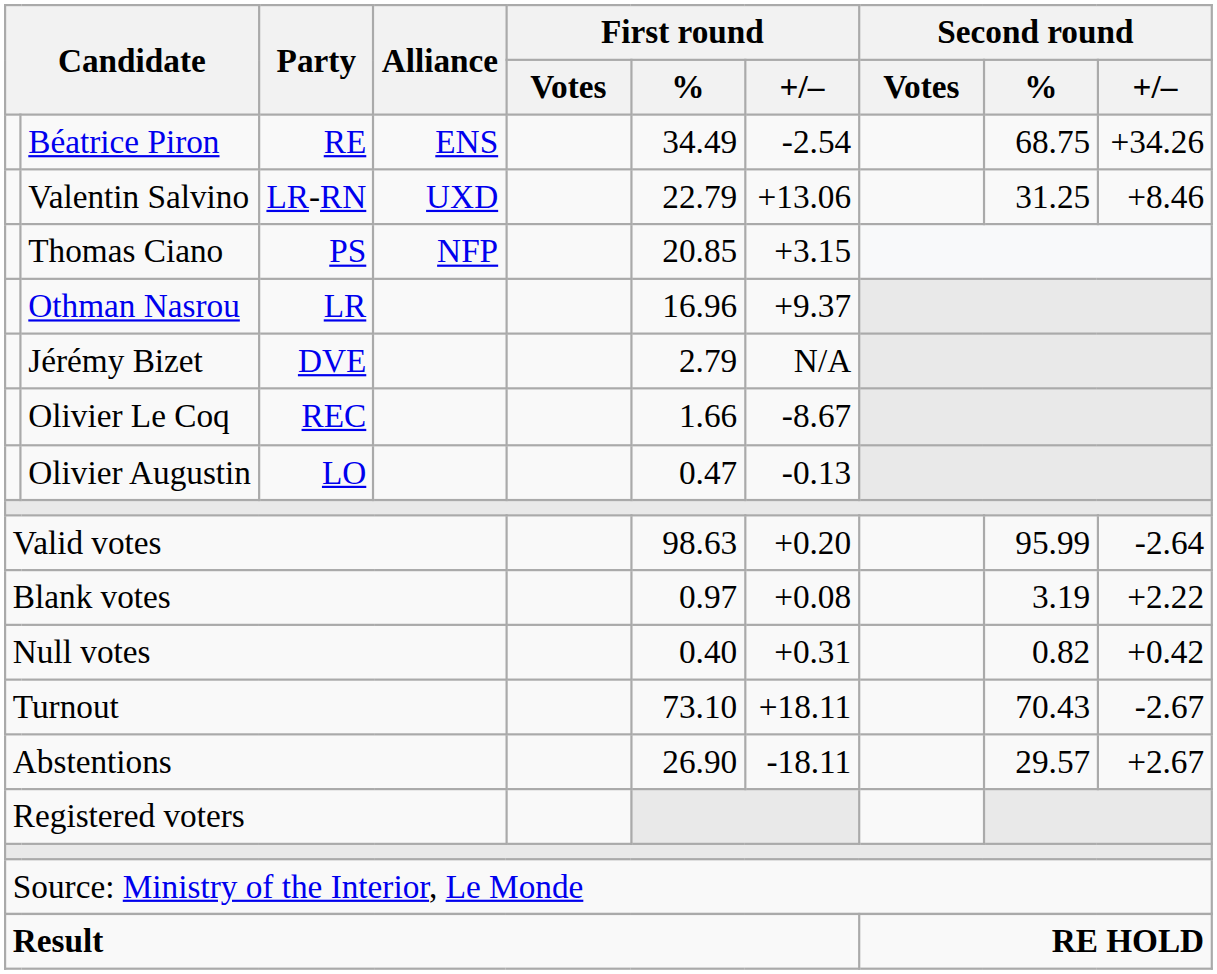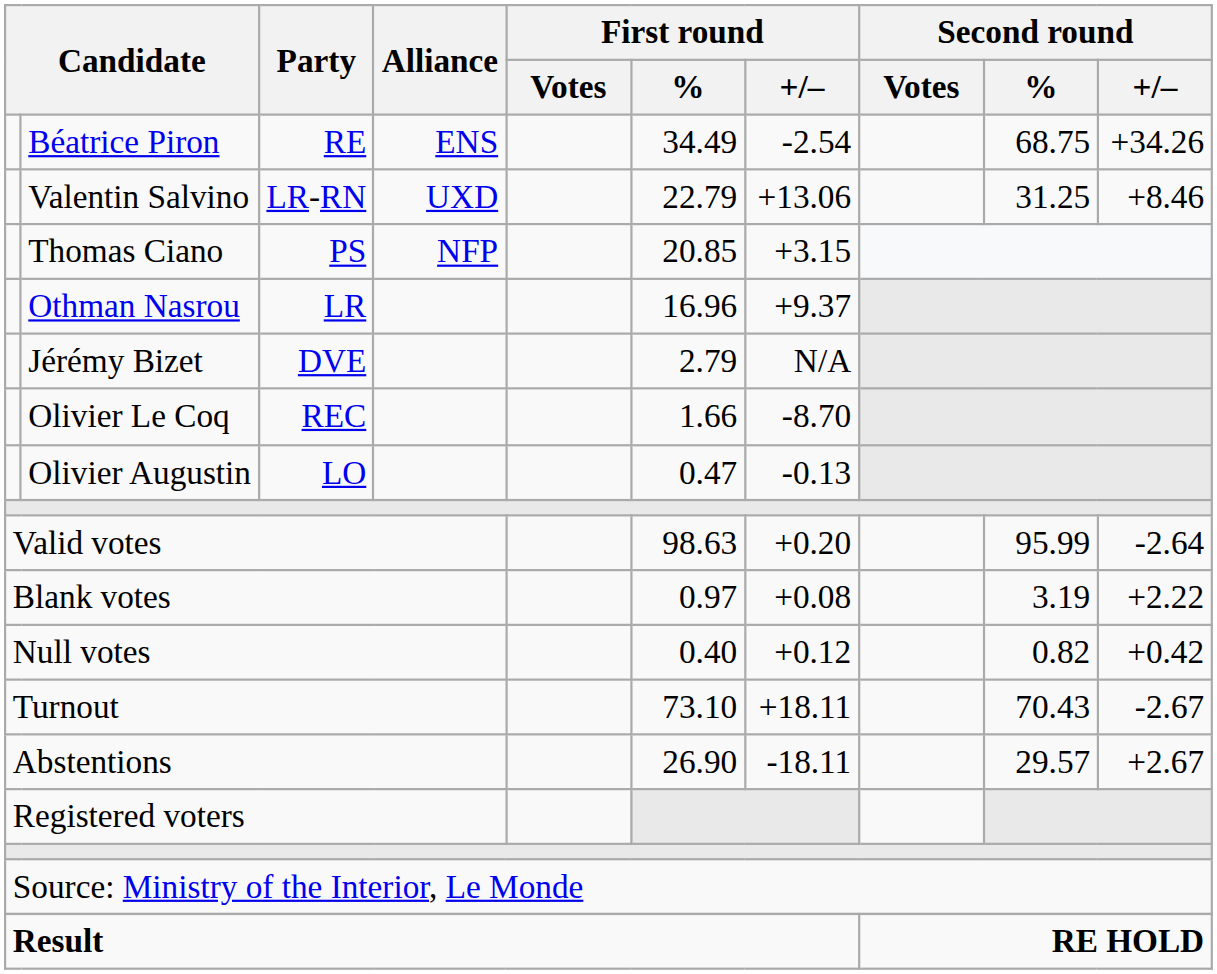 <table class="wikitable" style="text-align:right;font-size:95%;">
 <tr>
 <th rowspan="2" colspan="2">Candidate</th>
 <th rowspan="2">Party</th>
 <th rowspan="2">Alliance</th>
 <th colspan="3">First round</th>
 <th colspan="3">Second round</th>
 </tr>
 <tr>
 <th style="width:50px;">Votes</th>
 <th style="width:45px;">%</th>
 <th style="width:45px;">+/–</th>
 <th style="width:50px;">Votes</th>
 <th style="width:45px;">%</th>
 <th style="width:45px;">+/–</th>
 </tr>
 <tr>
 <td style="color:inherit;background:"></td>
 <td style="text-align:left;"><a href='#'>Béatrice Piron</a></td>
 <td><a href='#'>RE</a></td>
 <td><a href='#'>ENS</a></td>
 <td></td>
 <td>34.49</td>
 <td>-2.54</td>
 <td></td>
 <td>68.75</td>
 <td>+34.26</td>
 </tr>
 <tr>
 <td style="color:inherit;background:"></td>
 <td style="text-align:left;">Valentin Salvino</td>
 <td><a href='#'>LR</a>-<a href='#'>RN</a></td>
 <td><a href='#'>UXD</a></td>
 <td></td>
 <td>22.79</td>
 <td>+13.06</td>
 <td></td>
 <td>31.25</td>
 <td>+8.46</td>
 </tr>
 <tr>
 <td style="color:inherit;background:"></td>
 <td style="text-align:left;">Thomas Ciano</td>
 <td><a href='#'>PS</a></td>
 <td><a href='#'>NFP</a></td>
 <td></td>
 <td>20.85</td>
 <td>+3.15</td>
 <td colspan="3" style="background:#F8F9FA;"></td>
 </tr>
 <tr>
 <td style="color:inherit;background:"></td>
 <td style="text-align:left;"><a href='#'>Othman Nasrou</a></td>
 <td><a href='#'>LR</a></td>
 <td></td>
 <td></td>
 <td>16.96</td>
 <td>+9.37</td>
 <td colspan="3" style="background:#E9E9E9;"></td>
 </tr>
 <tr>
 <td style="color:inherit;background:"></td>
 <td style="text-align:left;">Jérémy Bizet</td>
 <td><a href='#'>DVE</a></td>
 <td></td>
 <td></td>
 <td>2.79</td>
 <td>N/A</td>
 <td colspan="3" style="background:#E9E9E9;"></td>
 </tr>
 <tr>
 <td style="color:inherit;background:"></td>
 <td style="text-align:left;">Olivier Le Coq</td>
 <td><a href='#'>REC</a></td>
 <td></td>
 <td></td>
 <td>1.66</td>
-<td>-8.67</td>
+<td>-8.70</td>
 <td colspan="3" style="background:#E9E9E9;"></td>
 </tr>
 <tr>
 <td style="color:inherit;background:"></td>
 <td style="text-align:left;">Olivier Augustin</td>
 <td><a href='#'>LO</a></td>
 <td></td>
 <td></td>
 <td>0.47</td>
 <td>-0.13</td>
 <td colspan="3" style="background:#E9E9E9;"></td>
 </tr>
 <tr>
 <td colspan="10" style="background:#E9E9E9;"></td>
 </tr>
 <tr>
 <td colspan="4" style="text-align:left;">Valid votes</td>
 <td></td>
 <td>98.63</td>
 <td>+0.20</td>
 <td></td>
 <td>95.99</td>
 <td>-2.64</td>
 </tr>
 <tr>
 <td colspan="4" style="text-align:left;">Blank votes</td>
 <td></td>
 <td>0.97</td>
 <td>+0.08</td>
 <td></td>
 <td>3.19</td>
 <td>+2.22</td>
 </tr>
 <tr>
 <td colspan="4" style="text-align:left;">Null votes</td>
 <td></td>
 <td>0.40</td>
-<td>+0.31</td>
+<td>+0.12</td>
 <td></td>
 <td>0.82</td>
 <td>+0.42</td>
 </tr>
 <tr>
 <td colspan="4" style="text-align:left;">Turnout</td>
 <td></td>
 <td>73.10</td>
 <td>+18.11</td>
 <td></td>
 <td>70.43</td>
 <td>-2.67</td>
 </tr>
 <tr>
 <td colspan="4" style="text-align:left;">Abstentions</td>
 <td></td>
 <td>26.90</td>
 <td>-18.11</td>
 <td></td>
 <td>29.57</td>
 <td>+2.67</td>
 </tr>
 <tr>
 <td colspan="4" style="text-align:left;">Registered voters</td>
 <td></td>
 <td colspan="2" style="background:#E9E9E9;"></td>
 <td></td>
 <td colspan="2" style="background:#E9E9E9;"></td>
 </tr>
 <tr>
 <td colspan="10" style="background:#E9E9E9;"></td>
 </tr>
 <tr>
 <td colspan="10" style="text-align:left;">Source: <a href='#'>Ministry of the Interior</a>, <a href='#'>Le Monde</a></td>
 </tr>
 <tr>
 </tr>
 <tr style="font-weight:bold">
 <td colspan="7" style="text-align:left;">Result</td>
 <td colspan="7" style="background-color:">RE HOLD</td>
 </tr>
 </table>
